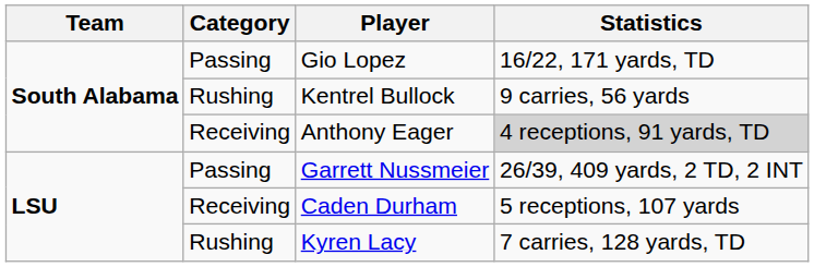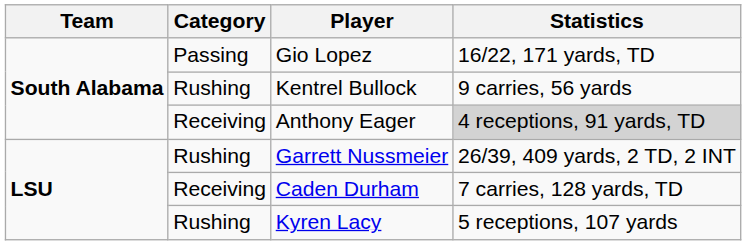 <table class="wikitable" style="float: right;">
 <tr>
 <th>Team</th>
 <th>Category</th>
 <th>Player</th>
 <th>Statistics</th>
 </tr>
 <tr>
 <td rowspan=3><strong>South Alabama</strong></td>
 <td>Passing</td>
 <td>Gio Lopez</td>
 <td>16/22, 171 yards, TD</td>
 </tr>
 <tr>
 <td>Rushing</td>
 <td>Kentrel Bullock</td>
 <td>9 carries, 56 yards</td>
 </tr>
 <tr>
 <td>Receiving</td>
 <td>Anthony Eager</td>
 <td style="background: lightgrey;">4 receptions, 91 yards, TD</td>
 </tr>
 <tr>
 <td rowspan=3><strong>LSU</strong></td>
-<td>Passing</td>
+<td>Rushing</td>
 <td><a href='#'>Garrett Nussmeier</a></td>
 <td>26/39, 409 yards, 2 TD, 2 INT</td>
 </tr>
 <tr>
 <td>Receiving</td>
 <td><a href='#'>Caden Durham</a></td>
-<td>5 receptions, 107 yards</td>
+<td>7 carries, 128 yards, TD</td>
 </tr>
 <tr>
 <td>Rushing</td>
 <td><a href='#'>Kyren Lacy</a></td>
-<td>7 carries, 128 yards, TD</td>
+<td>5 receptions, 107 yards</td>
 </tr>
 </table>
